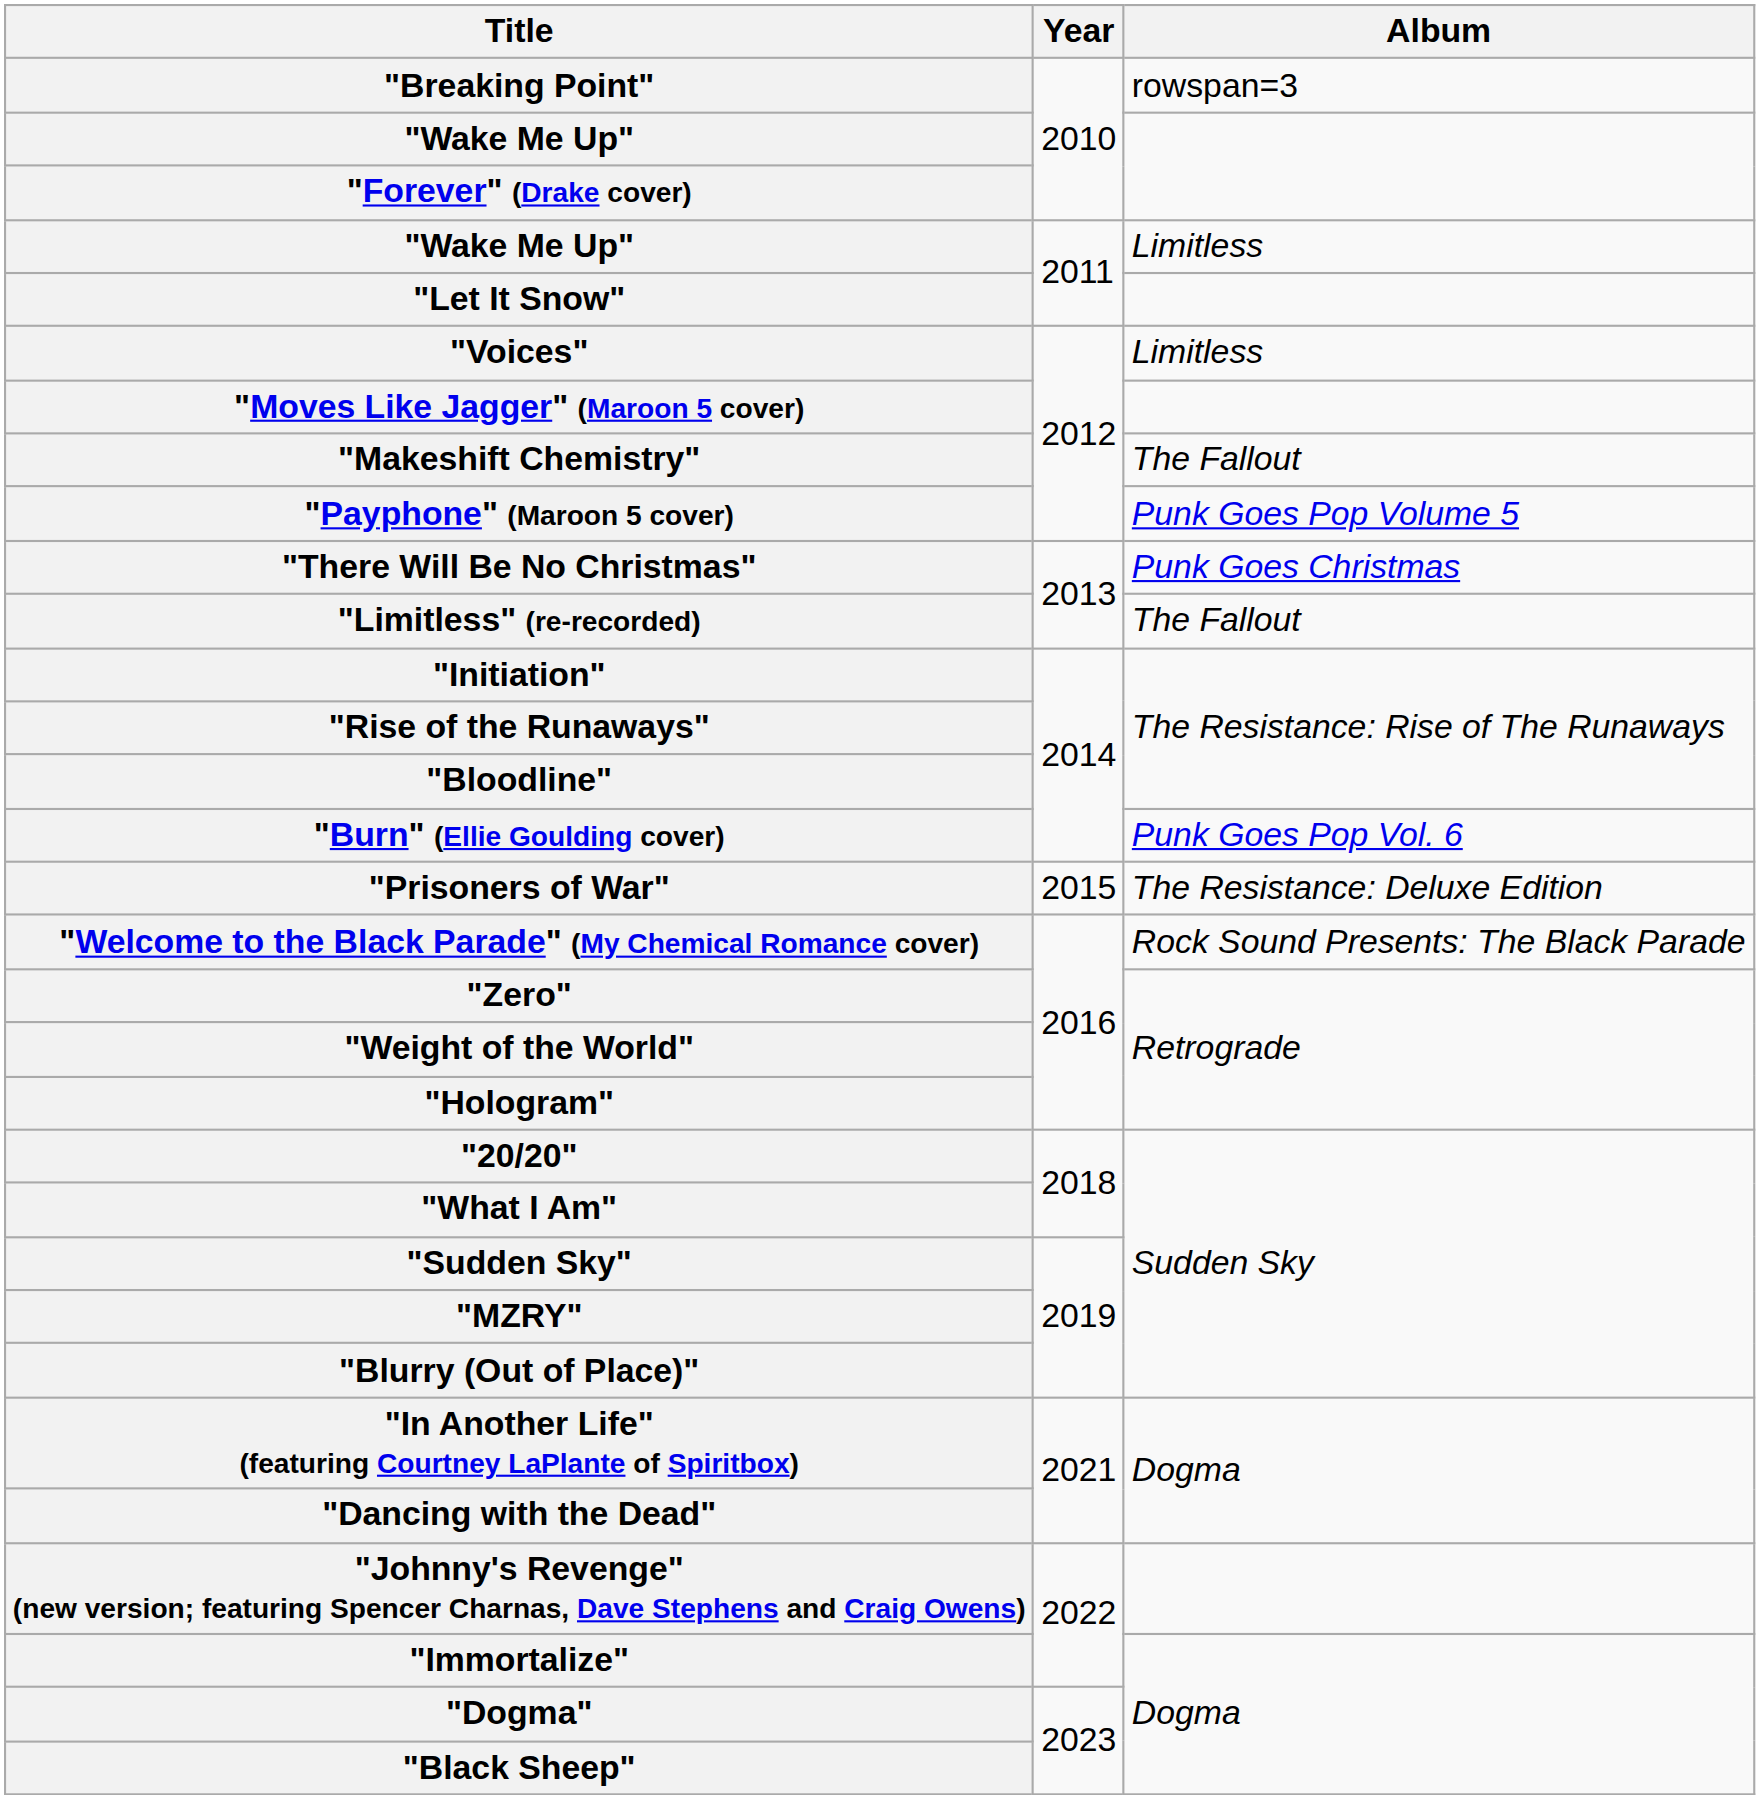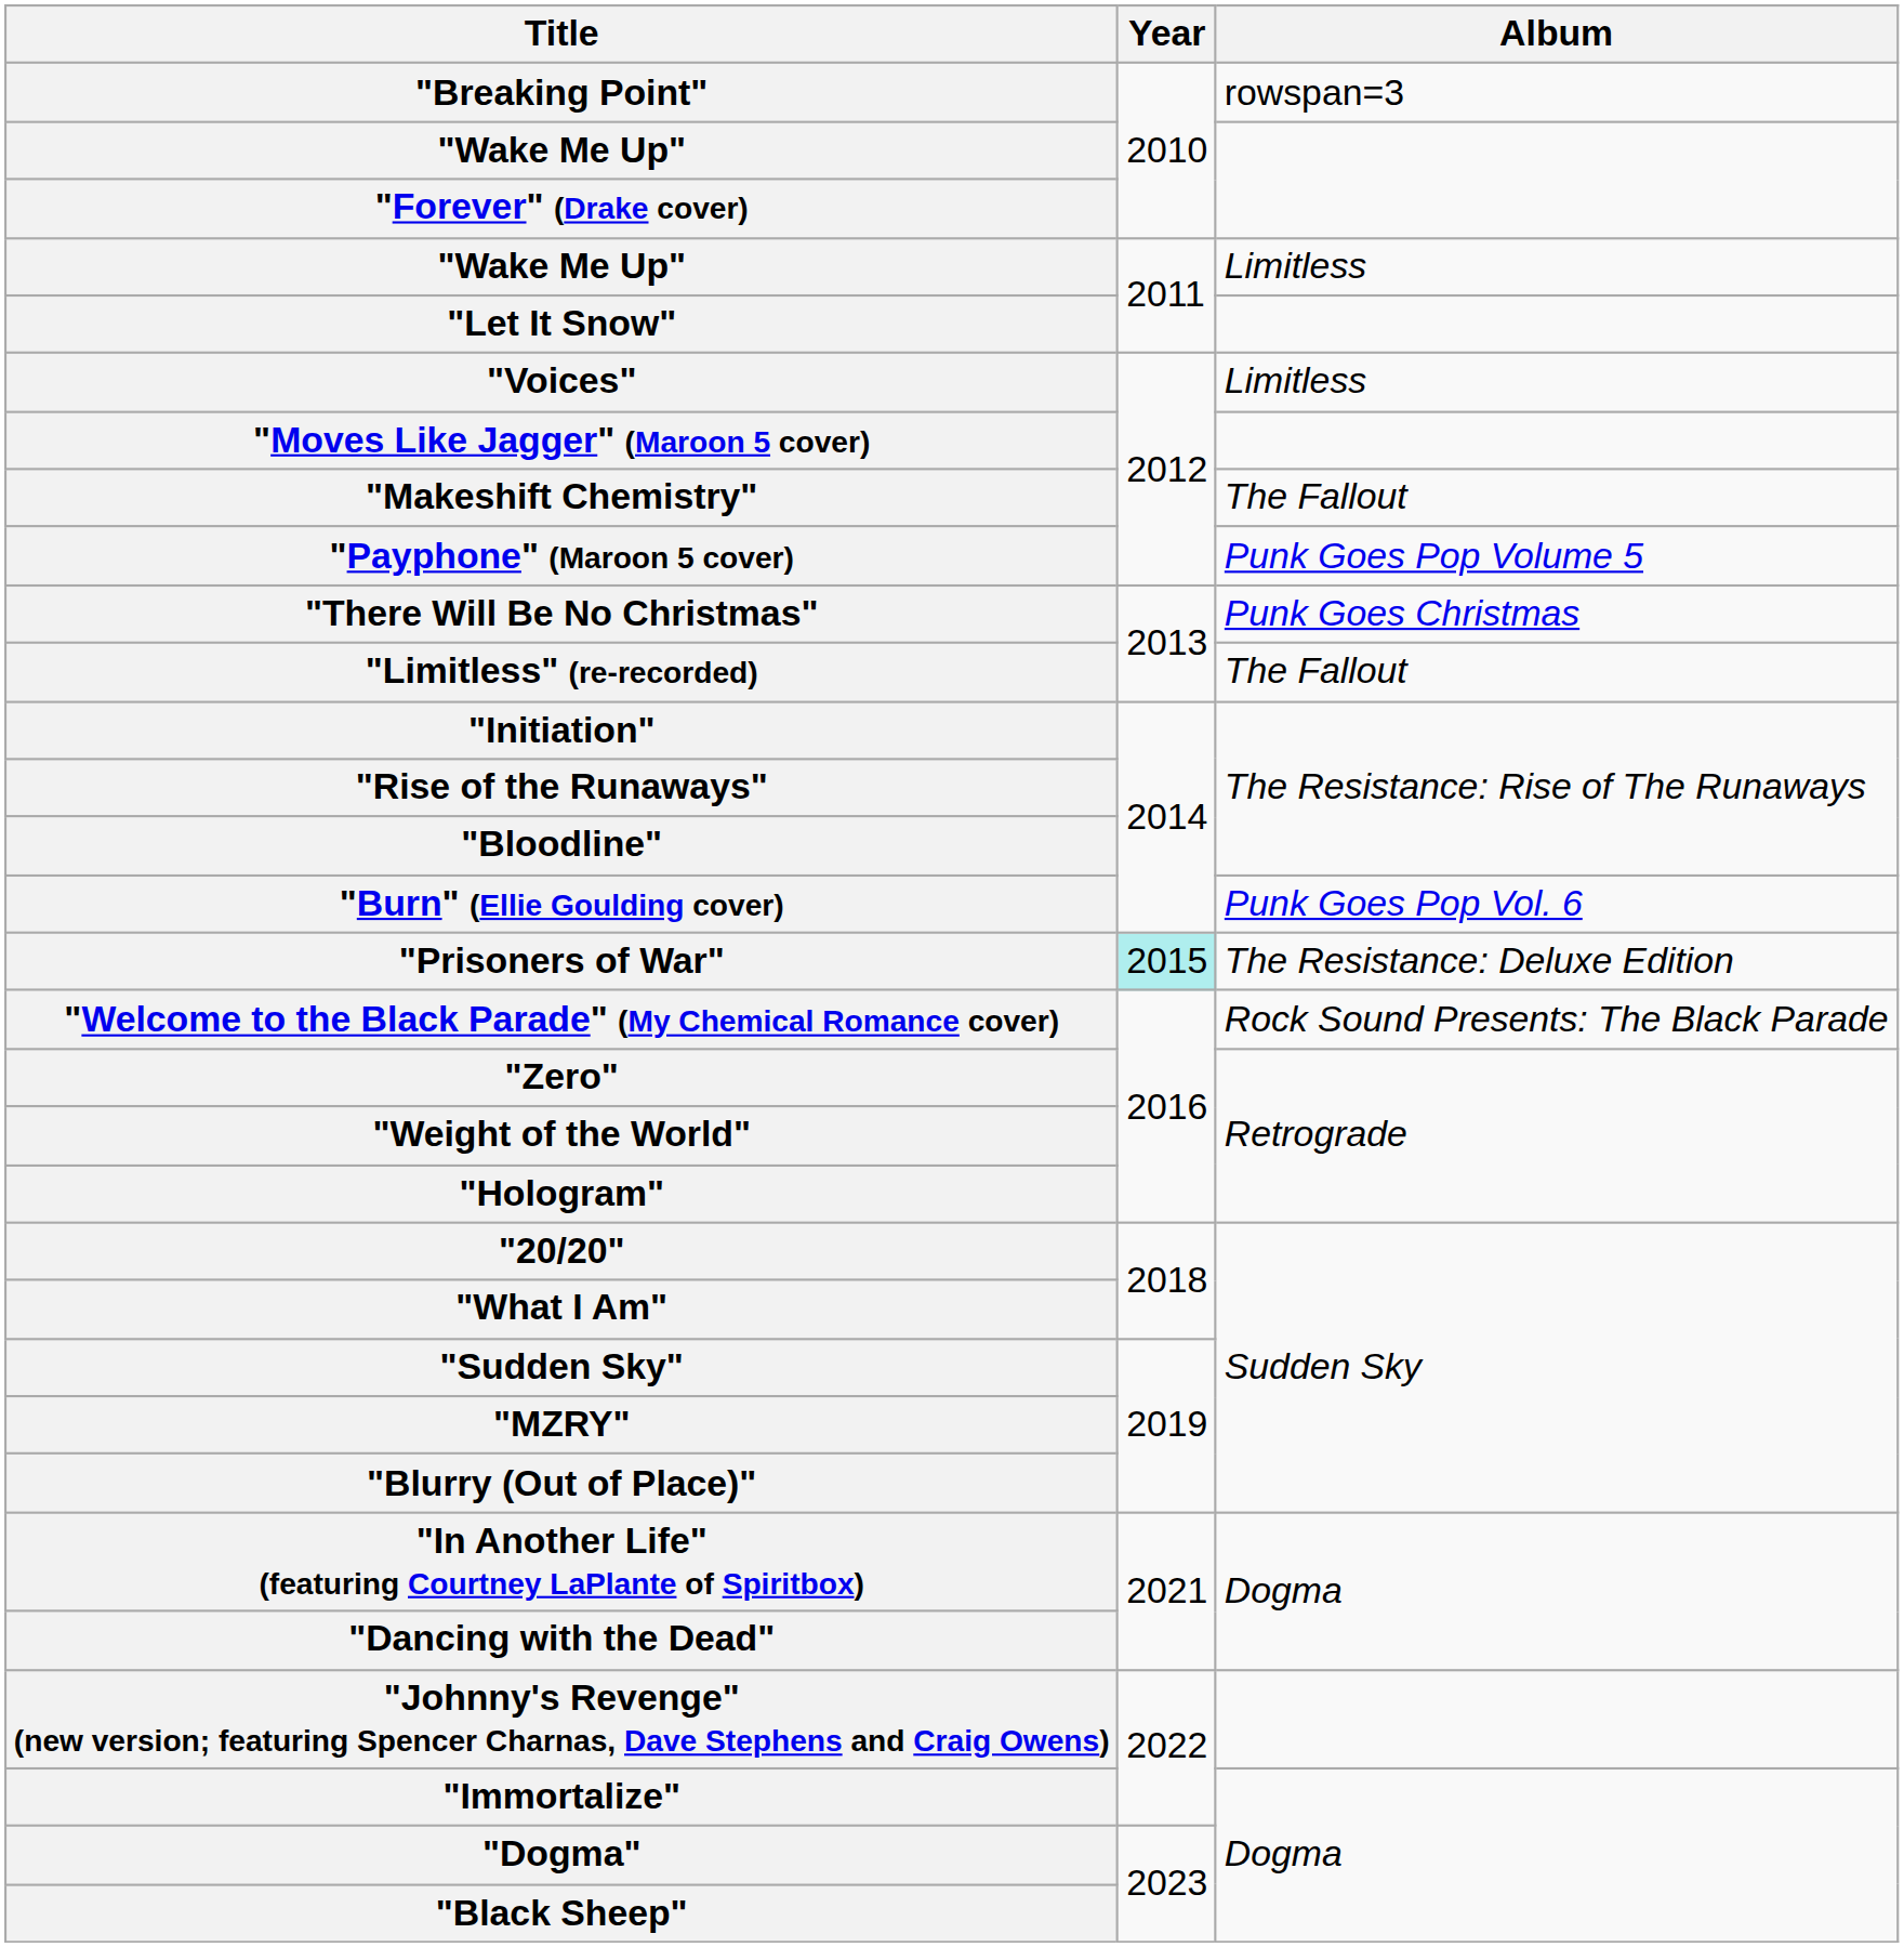 <table class="wikitable plainrowheaders">
 <tr>
 <th>Title</th>
 <th>Year</th>
 <th>Album</th>
 </tr>
 <tr>
 <th scope="row">"Breaking Point"</th>
 <td rowspan=3>2010</td>
 <td>rowspan=3</td>
 </tr>
 <tr>
 <th scope="row">"Wake Me Up"</th>
 </tr>
 <tr>
 <th scope="row">"<a href='#'>Forever</a>" <small>(<a href='#'>Drake</a> cover)</small></th>
 </tr>
 <tr>
 <th scope="row">"Wake Me Up"</th>
 <td rowspan=2>2011</td>
 <td><em>Limitless</em></td>
 </tr>
 <tr>
 <th scope="row">"Let It Snow"</th>
 <td></td>
 </tr>
 <tr>
 <th scope="row">"Voices"</th>
 <td rowspan=4>2012</td>
 <td><em>Limitless</em></td>
 </tr>
 <tr>
 <th scope="row">"<a href='#'>Moves Like Jagger</a>" <small>(<a href='#'>Maroon 5</a> cover)</small></th>
 <td></td>
 </tr>
 <tr>
 <th scope="row">"Makeshift Chemistry"</th>
 <td><em>The Fallout</em></td>
 </tr>
 <tr>
 <th scope="row">"<a href='#'>Payphone</a>" <small>(Maroon 5 cover)</small></th>
 <td><em><a href='#'>Punk Goes Pop Volume 5</a></em></td>
 </tr>
 <tr>
 <th scope="row">"There Will Be No Christmas"</th>
 <td rowspan=2>2013</td>
 <td><em><a href='#'>Punk Goes Christmas</a></em></td>
 </tr>
 <tr>
 <th scope="row">"Limitless" <small>(re-recorded)</small></th>
 <td><em>The Fallout</em> </td>
 </tr>
 <tr>
 <th scope="row">"Initiation"</th>
 <td rowspan=4>2014</td>
 <td rowspan=3><em>The Resistance: Rise of The Runaways</em></td>
 </tr>
 <tr>
 <th scope="row">"Rise of the Runaways"</th>
 </tr>
 <tr>
 <th scope="row">"Bloodline"</th>
 </tr>
 <tr>
 <th scope="row">"<a href='#'>Burn</a>" <small>(<a href='#'>Ellie Goulding</a> cover)</small></th>
 <td><em><a href='#'>Punk Goes Pop Vol. 6</a></em></td>
 </tr>
 <tr>
 <th scope="row">"Prisoners of War"</th>
-<td>2015</td>
+<td style="background: paleturquoise;">2015</td>
 <td><em>The Resistance: Deluxe Edition</em></td>
 </tr>
 <tr>
 <th scope="row">"<a href='#'>Welcome to the Black Parade</a>" <small>(<a href='#'>My Chemical Romance</a> cover)</small></th>
 <td rowspan=4>2016</td>
 <td><em>Rock Sound Presents: The Black Parade</em></td>
 </tr>
 <tr>
 <th scope="row">"Zero"</th>
 <td rowspan=3><em>Retrograde</em></td>
 </tr>
 <tr>
 <th scope="row">"Weight of the World"</th>
 </tr>
 <tr>
 <th scope="row">"Hologram"</th>
 </tr>
 <tr>
 <th scope="row">"20/20"</th>
 <td rowspan=2>2018</td>
 <td rowspan=5><em>Sudden Sky</em></td>
 </tr>
 <tr>
 <th scope="row">"What I Am"</th>
 </tr>
 <tr>
 <th scope="row">"Sudden Sky"</th>
 <td rowspan=3>2019</td>
 </tr>
 <tr>
 <th scope="row">"MZRY"</th>
 </tr>
 <tr>
 <th scope="row">"Blurry (Out of Place)"</th>
 </tr>
 <tr>
 <th scope="row">"In Another Life"<br><small>(featuring <a href='#'>Courtney LaPlante</a> of <a href='#'>Spiritbox</a>)</small></th>
 <td rowspan=2>2021</td>
 <td rowspan=2><em>Dogma</em></td>
 </tr>
 <tr>
 <th scope="row">"Dancing with the Dead"</th>
 </tr>
 <tr>
 <th scope="row">"Johnny's Revenge"<br><small>(new version; featuring Spencer Charnas, <a href='#'>Dave Stephens</a> and <a href='#'>Craig Owens</a>)</small></th>
 <td rowspan=2>2022</td>
 <td></td>
 </tr>
 <tr>
 <th scope="row">"Immortalize"</th>
 <td rowspan=3><em>Dogma</em></td>
 </tr>
 <tr>
 <th scope="row">"Dogma"</th>
 <td rowspan=2>2023</td>
 </tr>
 <tr>
 <th scope="row">"Black Sheep"</th>
 </tr>
 </table>
